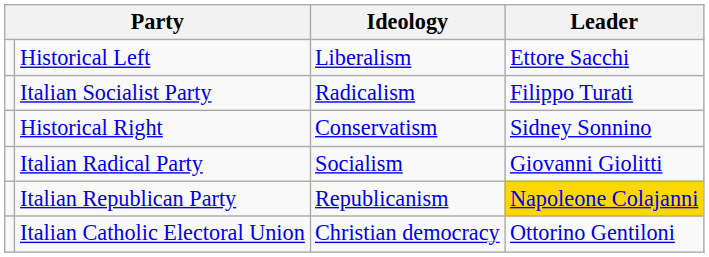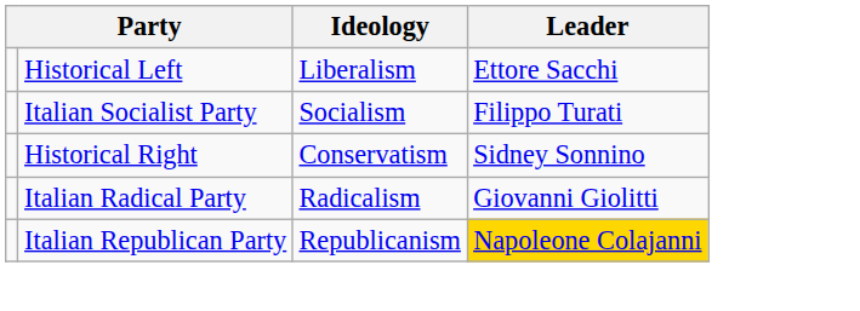 <table class=wikitable>
 <tr>
 <th colspan=2>Party</th>
 <th>Ideology</th>
 <th>Leader</th>
 </tr>
 <tr>
 <td></td>
 <td><a href='#'>Historical Left</a></td>
 <td><a href='#'>Liberalism</a></td>
 <td><a href='#'>Ettore Sacchi</a></td>
 </tr>
 <tr>
 <td></td>
 <td><a href='#'>Italian Socialist Party</a></td>
-<td><a href='#'>Radicalism</a></td>
+<td><a href='#'>Socialism</a></td>
 <td><a href='#'>Filippo Turati</a></td>
 </tr>
 <tr>
 <td></td>
 <td><a href='#'>Historical Right</a></td>
 <td><a href='#'>Conservatism</a></td>
 <td><a href='#'>Sidney Sonnino</a></td>
 </tr>
 <tr>
 <td></td>
 <td><a href='#'>Italian Radical Party</a></td>
-<td><a href='#'>Socialism</a></td>
+<td><a href='#'>Radicalism</a></td>
 <td><a href='#'>Giovanni Giolitti</a></td>
 </tr>
 <tr>
 <td></td>
 <td><a href='#'>Italian Republican Party</a></td>
 <td><a href='#'>Republicanism</a></td>
 <td style="background: gold;"><a href='#'>Napoleone Colajanni</a></td>
 </tr>
-<tr>
-<td></td>
-<td><a href='#'>Italian Catholic Electoral Union</a></td>
-<td><a href='#'>Christian democracy</a></td>
-<td><a href='#'>Ottorino Gentiloni</a></td>
-</tr>
 </table>
